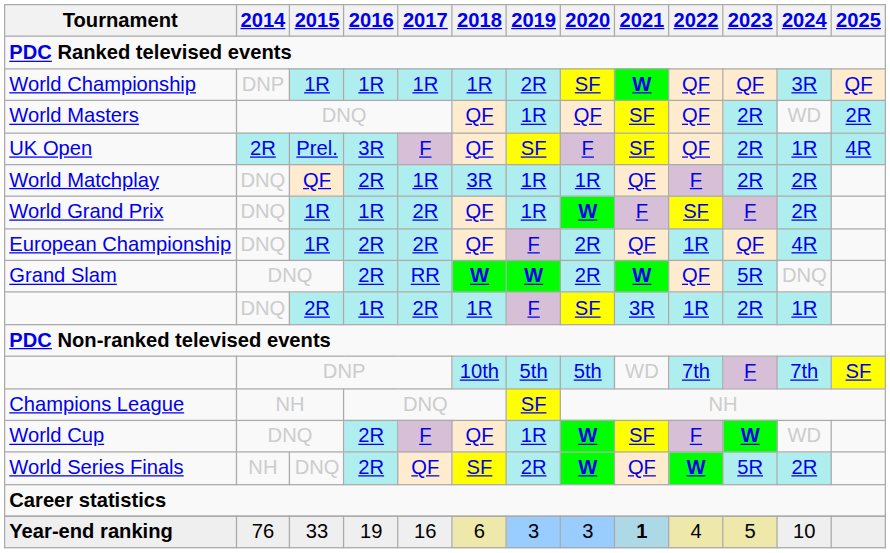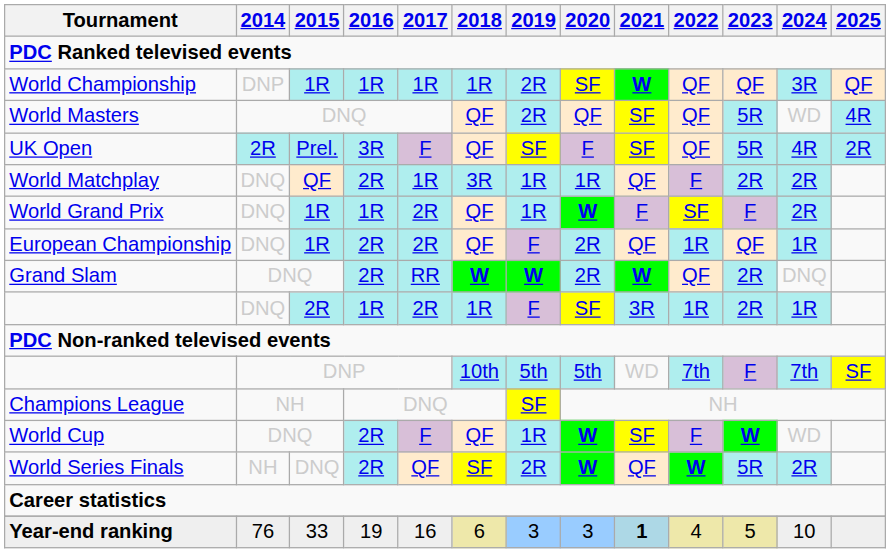 <table class=wikitable style=text-align:center;font-size:100%>
 <tr>
 <th>Tournament</th>
 <th><a href='#'>2014</a></th>
 <th><a href='#'>2015</a></th>
 <th><a href='#'>2016</a></th>
 <th><a href='#'>2017</a></th>
 <th><a href='#'>2018</a></th>
 <th><a href='#'>2019</a></th>
 <th><a href='#'>2020</a></th>
 <th><a href='#'>2021</a></th>
 <th><a href='#'>2022</a></th>
 <th><a href='#'>2023</a></th>
 <th><a href='#'>2024</a></th>
 <th><a href='#'>2025</a></th>
 </tr>
 <tr>
 <td colspan="13" align="left"><strong><a href='#'>PDC</a> Ranked televised events</strong></td>
 </tr>
 <tr>
 <td align=left><a href='#'>World Championship</a></td>
 <td style="text-align:center; color:#ccc;">DNP</td>
 <td style="text-align:center; background:#afeeee;"><a href='#'>1R</a></td>
 <td style="text-align:center; background:#afeeee;"><a href='#'>1R</a></td>
 <td style="text-align:center; background:#afeeee;"><a href='#'>1R</a></td>
 <td style="text-align:center; background:#afeeee;"><a href='#'>1R</a></td>
 <td style="text-align:center; background:#afeeee;"><a href='#'>2R</a></td>
 <td style="text-align:center; background:yellow;"><a href='#'>SF</a></td>
 <td style="text-align:center; background:#00ff00;"><strong><a href='#'>W</a></strong></td>
 <td style="text-align:center; background:#ffebcd;"><a href='#'>QF</a></td>
 <td style="text-align:center; background:#ffebcd;"><a href='#'>QF</a></td>
 <td style="text-align:center; background:#afeeee;"><a href='#'>3R</a></td>
 <td style="text-align:center; background:#ffebcd;"><a href='#'>QF</a></td>
 </tr>
 <tr>
 <td align=left><a href='#'>World Masters</a></td>
 <td colspan="4" style="text-align:center; color:#ccc;">DNQ</td>
 <td style="text-align:center; background:#ffebcd;"><a href='#'>QF</a></td>
-<td style="text-align:center; background:#afeeee;"><a href='#'>1R</a></td>
+<td style="text-align:center; background:#afeeee;"><a href='#'>2R</a></td>
 <td style="text-align:center; background:#ffebcd;"><a href='#'>QF</a></td>
 <td style="text-align:center; background:yellow;"><a href='#'>SF</a></td>
 <td style="text-align:center; background:#ffebcd;"><a href='#'>QF</a></td>
-<td style="text-align:center; background:#afeeee;"><a href='#'>2R</a></td>
+<td style="text-align:center; background:#afeeee;"><a href='#'>5R</a></td>
 <td style="text-align:center; color:#ccc;">WD</td>
-<td style="text-align:center; background:#afeeee;"><a href='#'>2R</a></td>
+<td style="text-align:center; background:#afeeee;"><a href='#'>4R</a></td>
 </tr>
 <tr>
 <td align=left><a href='#'>UK Open</a></td>
 <td style="text-align:center; background:#afeeee;"><a href='#'>2R</a></td>
 <td style="text-align:center; background:#afeeee;"><a href='#'>Prel.</a></td>
 <td style="text-align:center; background:#afeeee;"><a href='#'>3R</a></td>
 <td style="text-align:center; background:#D8BFD8;"><a href='#'>F</a></td>
 <td style="text-align:center; background:#ffebcd;"><a href='#'>QF</a></td>
 <td style="text-align:center; background:yellow;"><a href='#'>SF</a></td>
 <td style="text-align:center; background:#D8BFD8;"><a href='#'>F</a></td>
 <td style="text-align:center; background:yellow;"><a href='#'>SF</a></td>
 <td style="text-align:center; background:#ffebcd;"><a href='#'>QF</a></td>
+<td style="text-align:center; background:#afeeee;"><a href='#'>5R</a></td>
+<td style="text-align:center; background:#afeeee;"><a href='#'>4R</a></td>
 <td style="text-align:center; background:#afeeee;"><a href='#'>2R</a></td>
-<td style="text-align:center; background:#afeeee;"><a href='#'>1R</a></td>
-<td style="text-align:center; background:#afeeee;"><a href='#'>4R</a></td>
 </tr>
 <tr>
 <td align=left><a href='#'>World Matchplay</a></td>
 <td style="text-align:center; color:#ccc;">DNQ</td>
 <td style="text-align:center; background:#ffebcd;"><a href='#'>QF</a></td>
 <td style="text-align:center; background:#afeeee;"><a href='#'>2R</a></td>
 <td style="text-align:center; background:#afeeee;"><a href='#'>1R</a></td>
 <td style="text-align:center; background:#afeeee;"><a href='#'>3R</a></td>
 <td style="text-align:center; background:#afeeee;"><a href='#'>1R</a></td>
 <td style="text-align:center; background:#afeeee;"><a href='#'>1R</a></td>
 <td style="text-align:center; background:#ffebcd;"><a href='#'>QF</a></td>
 <td style="text-align:center; background:#D8BFD8;"><a href='#'>F</a></td>
 <td style="text-align:center; background:#afeeee;"><a href='#'>2R</a></td>
 <td style="text-align:center; background:#afeeee;"><a href='#'>2R</a></td>
 <td></td>
 </tr>
 <tr>
 <td align=left><a href='#'>World Grand Prix</a></td>
 <td style="text-align:center; color:#ccc;">DNQ</td>
 <td style="text-align:center; background:#afeeee;"><a href='#'>1R</a></td>
 <td style="text-align:center; background:#afeeee;"><a href='#'>1R</a></td>
 <td style="text-align:center; background:#afeeee;"><a href='#'>2R</a></td>
 <td style="text-align:center; background:#ffebcd;"><a href='#'>QF</a></td>
 <td style="text-align:center; background:#afeeee;"><a href='#'>1R</a></td>
 <td style="text-align:center; background:#00ff00;"><strong><a href='#'>W</a></strong></td>
 <td style="text-align:center; background:#D8BFD8;"><a href='#'>F</a></td>
 <td style="text-align:center; background:yellow;"><a href='#'>SF</a></td>
 <td style="text-align:center; background:#D8BFD8;"><a href='#'>F</a></td>
 <td style="text-align:center; background:#afeeee;"><a href='#'>2R</a></td>
 <td></td>
 </tr>
 <tr>
 <td align=left><a href='#'>European Championship</a></td>
 <td style="text-align:center; color:#ccc;">DNQ</td>
 <td style="text-align:center; background:#afeeee;"><a href='#'>1R</a></td>
 <td style="text-align:center; background:#afeeee;"><a href='#'>2R</a></td>
 <td style="text-align:center; background:#afeeee;"><a href='#'>2R</a></td>
 <td style="text-align:center; background:#ffebcd;"><a href='#'>QF</a></td>
 <td style="text-align:center; background:#D8BFD8;"><a href='#'>F</a></td>
 <td style="text-align:center; background:#afeeee;"><a href='#'>2R</a></td>
 <td style="text-align:center; background:#ffebcd;"><a href='#'>QF</a></td>
 <td style="text-align:center; background:#afeeee;"><a href='#'>1R</a></td>
 <td style="text-align:center; background:#ffebcd;"><a href='#'>QF</a></td>
-<td style="text-align:center; background:#afeeee;"><a href='#'>4R</a></td>
+<td style="text-align:center; background:#afeeee;"><a href='#'>1R</a></td>
 <td></td>
 </tr>
 <tr>
 <td align=left><a href='#'>Grand Slam</a></td>
 <td colspan="2" style="text-align:center; color:#ccc;">DNQ</td>
 <td style="text-align:center; background:#afeeee;"><a href='#'>2R</a></td>
 <td style="text-align:center; background:#afeeee;"><a href='#'>RR</a></td>
 <td style="text-align:center; background:#00ff00;"><strong><a href='#'>W</a></strong></td>
 <td style="text-align:center; background:#00ff00;"><strong><a href='#'>W</a></strong></td>
 <td style="text-align:center; background:#afeeee;"><a href='#'>2R</a></td>
 <td style="text-align:center; background:#00ff00;"><strong><a href='#'>W</a></strong></td>
 <td style="text-align:center; background:#ffebcd;"><a href='#'>QF</a></td>
-<td style="text-align:center; background:#afeeee;"><a href='#'>5R</a></td>
+<td style="text-align:center; background:#afeeee;"><a href='#'>2R</a></td>
 <td style="text-align:center; color:#ccc;">DNQ</td>
 <td></td>
 </tr>
 <tr>
 <td align=left></td>
 <td style="text-align:center; color:#ccc;">DNQ</td>
 <td style="text-align:center; background:#afeeee;"><a href='#'>2R</a></td>
 <td style="text-align:center; background:#afeeee;"><a href='#'>1R</a></td>
 <td style="text-align:center; background:#afeeee;"><a href='#'>2R</a></td>
 <td style="text-align:center; background:#afeeee;"><a href='#'>1R</a></td>
 <td style="text-align:center; background:#D8BFD8;"><a href='#'>F</a></td>
 <td style="text-align:center; background:yellow;"><a href='#'>SF</a></td>
 <td style="text-align:center; background:#afeeee;"><a href='#'>3R</a></td>
 <td style="text-align:center; background:#afeeee;"><a href='#'>1R</a></td>
 <td style="text-align:center; background:#afeeee;"><a href='#'>2R</a></td>
 <td style="text-align:center; background:#afeeee;"><a href='#'>1R</a></td>
 <td></td>
 </tr>
 <tr>
 <td colspan="13" align="left"><strong><a href='#'>PDC</a> Non-ranked televised events</strong></td>
 </tr>
 <tr>
 <td align=left></td>
 <td colspan="4" style="text-align:center; color:#ccc;">DNP</td>
 <td style="text-align:center; background:#afeeee;"><a href='#'>10th</a></td>
 <td style="text-align:center; background:#afeeee;"><a href='#'>5th</a></td>
 <td style="text-align:center; background:#afeeee;"><a href='#'>5th</a></td>
 <td style="text-align:center; color:#ccc;">WD</td>
 <td style="text-align:center; background:#afeeee;"><a href='#'>7th</a></td>
 <td style="text-align:center; background:#D8BFD8;"><a href='#'>F</a></td>
 <td style="text-align:center; background:#afeeee;"><a href='#'>7th</a></td>
 <td style="text-align:center; background:yellow;"><a href='#'>SF</a></td>
 </tr>
 <tr>
 <td align=left><a href='#'>Champions League</a></td>
 <td colspan="2" style="text-align:center; color:#ccc;">NH</td>
 <td colspan="3" style="text-align:center; color:#ccc;">DNQ</td>
 <td style="text-align:center; background:yellow;"><a href='#'>SF</a></td>
 <td colspan="6" style="text-align:center; color:#ccc;">NH</td>
 </tr>
 <tr>
 <td align=left><a href='#'>World Cup</a></td>
 <td colspan="2" style="text-align:center; color:#ccc;">DNQ</td>
 <td style="text-align:center; background:#afeeee;"><a href='#'>2R</a></td>
 <td style="text-align:center; background:#D8BFD8;"><a href='#'>F</a></td>
 <td style="text-align:center; background:#ffebcd;"><a href='#'>QF</a></td>
 <td style="text-align:center; background:#afeeee;"><a href='#'>1R</a></td>
 <td style="text-align:center; background:#00ff00;"><strong><a href='#'>W</a></strong></td>
 <td style="text-align:center; background:yellow;"><a href='#'>SF</a></td>
 <td style="text-align:center; background:#D8BFD8;"><a href='#'>F</a></td>
 <td style="text-align:center; background:#00ff00;"><strong><a href='#'>W</a></strong></td>
 <td style="text-align:center; color:#ccc;">WD</td>
 <td></td>
 </tr>
 <tr>
 <td align=left><a href='#'>World Series Finals</a></td>
 <td style="text-align:center; color:#ccc;">NH</td>
 <td style="text-align:center; color:#ccc;">DNQ</td>
 <td style="text-align:center; background:#afeeee;"><a href='#'>2R</a></td>
 <td style="text-align:center; background:#ffebcd;"><a href='#'>QF</a></td>
 <td style="text-align:center; background:yellow;"><a href='#'>SF</a></td>
 <td style="text-align:center; background:#afeeee;"><a href='#'>2R</a></td>
 <td style="text-align:center; background:#00ff00;"><strong><a href='#'>W</a></strong></td>
 <td style="text-align:center; background:#ffebcd;"><a href='#'>QF</a></td>
 <td style="text-align:center; background:#00ff00;"><strong><a href='#'>W</a></strong></td>
 <td style="text-align:center; background:#afeeee;"><a href='#'>5R</a></td>
 <td style="text-align:center; background:#afeeee;"><a href='#'>2R</a></td>
 <td></td>
 </tr>
 <tr>
 <td colspan="13" align="left"><strong>Career statistics</strong></td>
 </tr>
 <tr>
 </tr>
 <tr bgcolor="efefef">
 <td align="left"><strong>Year-end ranking</strong></td>
 <td style="text-align:center;">76</td>
 <td style="text-align:center;">33</td>
 <td style="text-align:center;">19</td>
 <td style="text-align:center;">16</td>
 <td style="text-align:center; background:#eee8aa;">6</td>
 <td style="text-align:center; background:#99ccff;">3</td>
 <td style="text-align:center; background:#99ccff;">3</td>
 <td style="text-align:center; background:#add8e6;"><strong>1</strong></td>
 <td style="text-align:center; background:#eee8aa;">4</td>
 <td style="text-align:center; background:#eee8aa;">5</td>
 <td style="text-align:center;">10</td>
 <td></td>
 </tr>
 </table>
